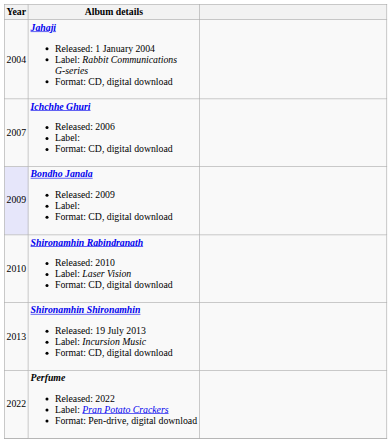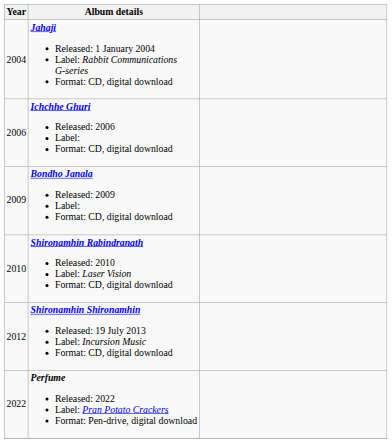 <table class="wikitable" style="text-align:center;">
 <tr>
 <th>Year</th>
 <th>Album details</th>
 <th class="unsortable" style="width: 300px;"></th>
 </tr>
 <tr>
 <td>2004</td>
 <td style="text-align:left;"><strong><em><a href='#'>Jahaji</a></em></strong><br><ul><li>Released: 1 January 2004</li><li>Label: <em>Rabbit Communications</em> <br> <em>G-series</em></li><li>Format: CD, digital download</li></ul></td>
 <td></td>
 </tr>
 <tr>
-<td>2007</td>
+<td>2006</td>
 <td style="text-align:left;"><strong><em><a href='#'>Ichchhe Ghuri</a></em></strong><br><ul><li>Released: 2006</li><li>Label:</li><li>Format: CD, digital download</li></ul></td>
 <td></td>
 </tr>
 <tr>
-<td style="background: lavender;">2009</td>
+<td>2009</td>
 <td style="text-align:left;"><strong><em><a href='#'>Bondho Janala</a></em></strong><br><ul><li>Released: 2009</li><li>Label:</li><li>Format: CD, digital download</li></ul></td>
 <td></td>
 </tr>
 <tr>
 <td>2010</td>
 <td style="text-align:left;"><strong><em><a href='#'>Shironamhin Rabindranath</a></em></strong><br><ul><li>Released: 2010</li><li>Label: <em>Laser Vision</em></li><li>Format: CD, digital download</li></ul></td>
 <td></td>
 </tr>
 <tr>
-<td>2013</td>
+<td>2012</td>
 <td style="text-align:left;"><strong><em><a href='#'>Shironamhin Shironamhin</a></em></strong><br><ul><li>Released: 19 July 2013</li><li>Label: <em>Incursion Music</em></li><li>Format: CD, digital download</li></ul></td>
 <td></td>
 </tr>
 <tr>
 <td>2022</td>
 <td style="text-align:left;"><strong><em>Perfume</em></strong><br><ul><li>Released: 2022</li><li>Label: <em><a href='#'>Pran Potato Crackers</a></em></li><li>Format: Pen-drive, digital download</li></ul></td>
 <td></td>
 </tr>
 <tr>
 </tr>
 </table>
